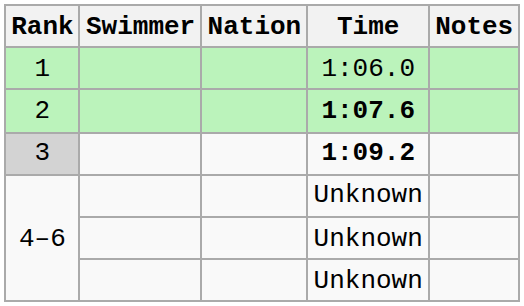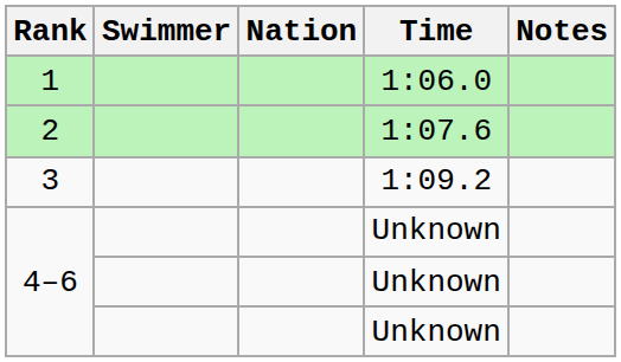 <table class="wikitable sortable" style="text-align:center">
 <tr>
 <th>Rank</th>
 <th>Swimmer</th>
 <th>Nation</th>
 <th>Time</th>
 <th>Notes</th>
 </tr>
 <tr bgcolor=bbf3bb>
 <td>1</td>
 <td align=left></td>
 <td align=left></td>
 <td>1:06.0</td>
 <td></td>
 </tr>
 <tr bgcolor=bbf3bb>
 <td>2</td>
 <td align=left></td>
 <td align=left></td>
-<td><strong>1:07.6</strong></td>
+<td>1:07.6</td>
 <td></td>
 </tr>
 <tr>
-<td style="background: lightgrey;">3</td>
+<td>3</td>
 <td align=left></td>
 <td align=left></td>
-<td><strong>1:09.2</strong></td>
+<td>1:09.2</td>
 <td></td>
 </tr>
 <tr>
 <td rowspan=3>4–6</td>
 <td align=left></td>
 <td align=left></td>
 <td>Unknown</td>
 <td></td>
 </tr>
 <tr>
 <td align=left></td>
 <td align=left></td>
 <td>Unknown</td>
 <td></td>
 </tr>
 <tr>
 <td align=left></td>
 <td align=left></td>
 <td>Unknown</td>
 <td></td>
 </tr>
 </table>
